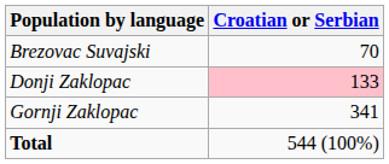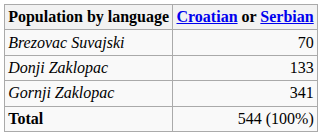 <table class="wikitable sortable">
 <tr>
 <th>Population by language</th>
 <th><a href='#'>Croatian</a> or <a href='#'>Serbian</a></th>
 </tr>
 <tr>
 <td><em>Brezovac Suvajski</em></td>
 <td align="right">70</td>
 </tr>
 <tr>
 <td><em>Donji Zaklopac</em></td>
-<td align="right" style="background: pink;">133</td>
+<td align="right">133</td>
 </tr>
 <tr>
 <td><em>Gornji Zaklopac</em></td>
 <td align="right">341</td>
 </tr>
 <tr>
 <td><strong>Total</strong></td>
 <td align="right">544 (100%)</td>
 </tr>
 </table>
